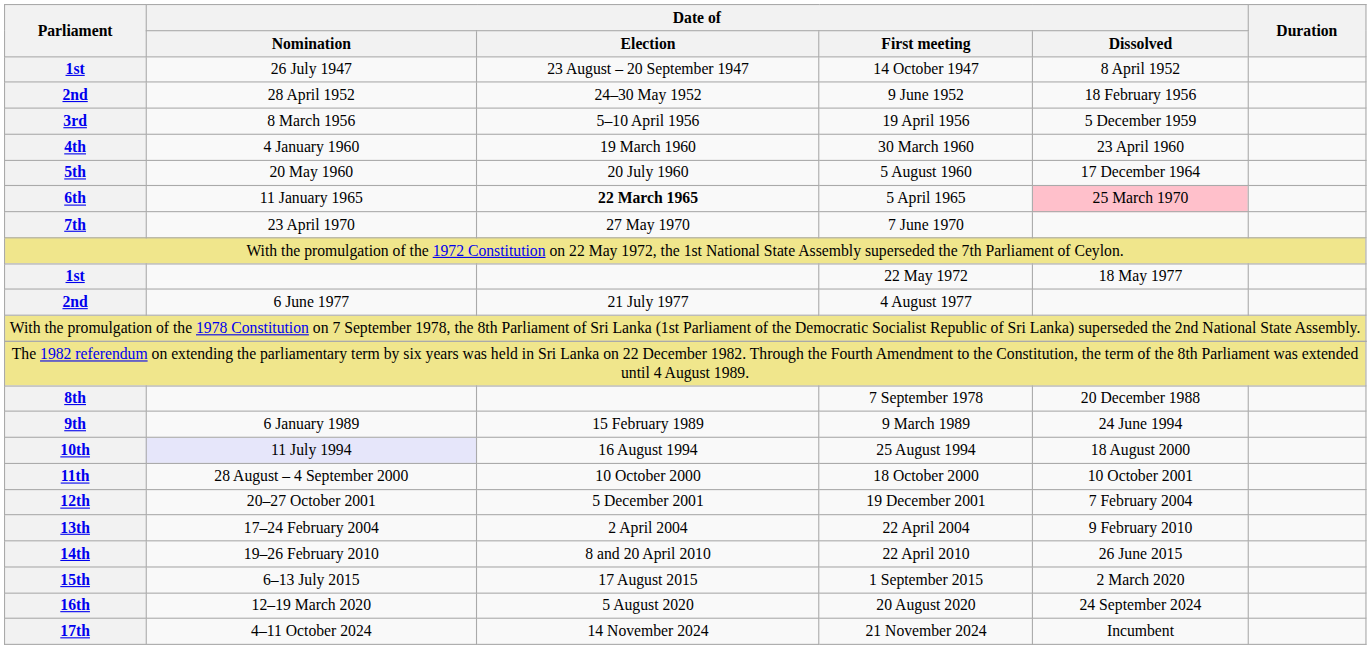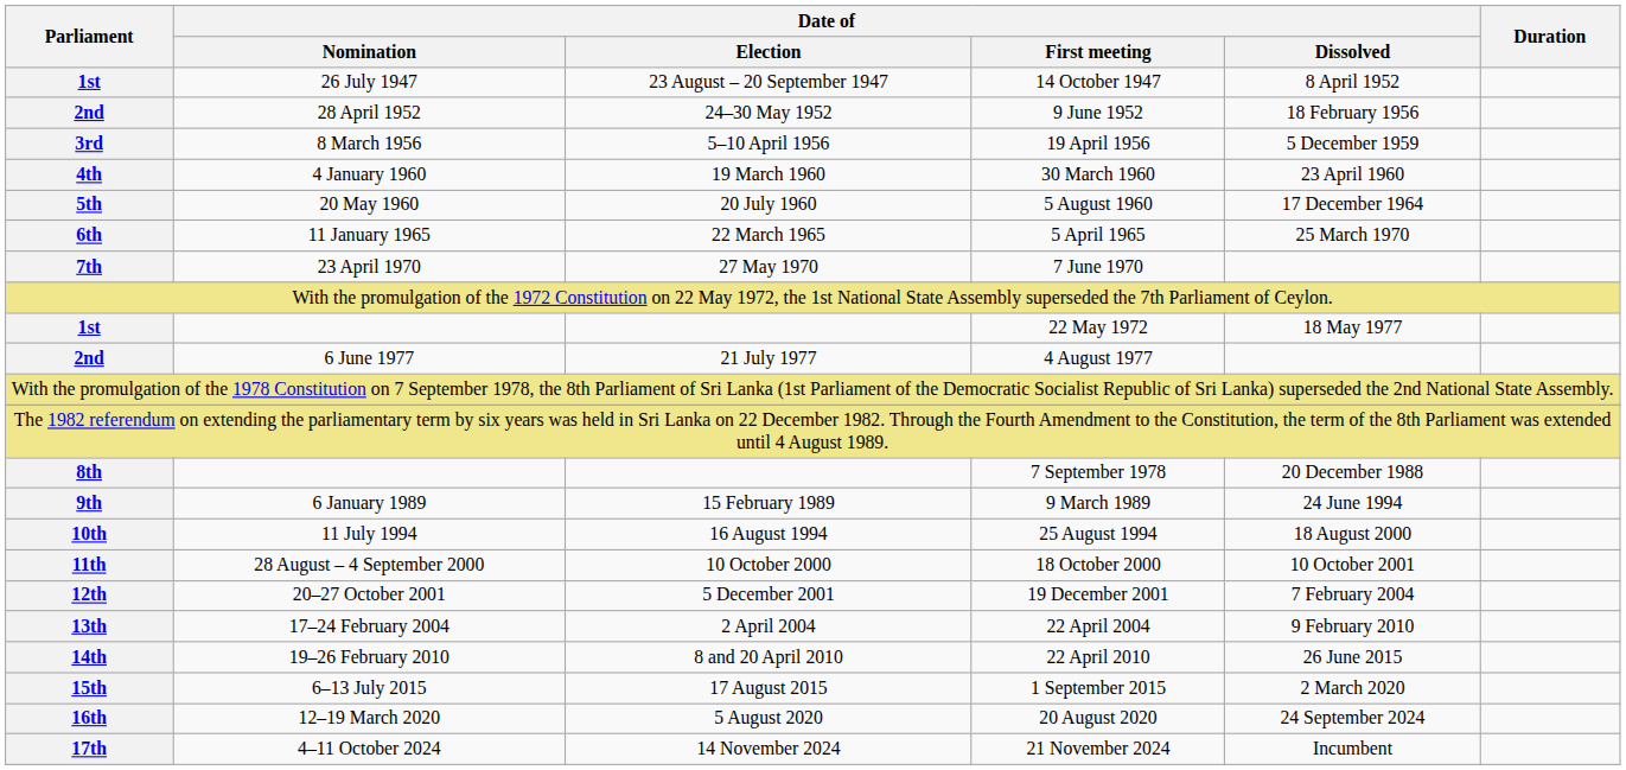 <table class="wikitable" style="font-size:90%; text-align:center">
 <tr>
 <th rowspan="2">Parliament</th>
 <th colspan="4">Date of</th>
 <th rowspan="2">Duration</th>
 </tr>
 <tr>
 <th rowspan="1">Nomination</th>
 <th rowspan="1">Election</th>
 <th rowspan="1">First meeting</th>
 <th rowspan="1">Dissolved</th>
 </tr>
 <tr>
 <th><a href='#'>1st</a></th>
 <td>26 July 1947</td>
 <td>23 August – 20 September 1947</td>
 <td>14 October 1947</td>
 <td>8 April 1952</td>
 <td></td>
 </tr>
 <tr>
 <th><a href='#'>2nd</a></th>
 <td>28 April 1952</td>
 <td>24–30 May 1952</td>
 <td>9 June 1952</td>
 <td>18 February 1956</td>
 <td></td>
 </tr>
 <tr>
 <th><a href='#'>3rd</a></th>
 <td>8 March 1956</td>
 <td>5–10 April 1956</td>
 <td>19 April 1956</td>
 <td>5 December 1959</td>
 <td></td>
 </tr>
 <tr>
 <th><a href='#'>4th</a></th>
 <td>4 January 1960</td>
 <td>19 March 1960</td>
 <td>30 March 1960</td>
 <td>23 April 1960</td>
 <td></td>
 </tr>
 <tr>
 <th><a href='#'>5th</a></th>
 <td>20 May 1960</td>
 <td>20 July 1960</td>
 <td>5 August 1960</td>
 <td>17 December 1964</td>
 <td></td>
 </tr>
 <tr>
 <th><a href='#'>6th</a></th>
 <td>11 January 1965</td>
-<td><strong>22 March 1965</strong></td>
+<td>22 March 1965</td>
 <td>5 April 1965</td>
-<td style="background: pink;">25 March 1970</td>
+<td>25 March 1970</td>
 <td></td>
 </tr>
 <tr>
 <th><a href='#'>7th</a></th>
 <td>23 April 1970</td>
 <td>27 May 1970</td>
 <td>7 June 1970</td>
 <td></td>
 <td></td>
 </tr>
 <tr style="background:#F0E68C;">
 <td colspan="6">With the promulgation of the <a href='#'>1972 Constitution</a> on 22 May 1972, the 1st National State Assembly superseded the 7th Parliament of Ceylon.</td>
 </tr>
 <tr>
 <th><a href='#'>1st</a></th>
 <td></td>
 <td></td>
 <td>22 May 1972</td>
 <td>18 May 1977</td>
 <td></td>
 </tr>
 <tr>
 <th><a href='#'>2nd</a></th>
 <td>6 June 1977</td>
 <td>21 July 1977</td>
 <td>4 August 1977</td>
 <td></td>
 <td></td>
 </tr>
 <tr style="background:#F0E68C;">
 <td colspan="6">With the promulgation of the <a href='#'>1978 Constitution</a> on 7 September 1978, the 8th Parliament of Sri Lanka (1st Parliament of the Democratic Socialist Republic of Sri Lanka) superseded the 2nd National State Assembly.</td>
 </tr>
 <tr>
 </tr>
 <tr style="background:#F0E68C;">
 <td colspan="6">The <a href='#'>1982 referendum</a> on extending the parliamentary term by six years was held in Sri Lanka on 22 December 1982. Through the Fourth Amendment to the Constitution, the term of the 8th Parliament was extended until 4 August 1989.</td>
 </tr>
 <tr>
 <th><a href='#'>8th</a></th>
 <td></td>
 <td></td>
 <td>7 September 1978</td>
 <td>20 December 1988</td>
 <td></td>
 </tr>
 <tr>
 <th><a href='#'>9th</a></th>
 <td>6 January 1989</td>
 <td>15 February 1989</td>
 <td>9 March 1989</td>
 <td>24 June 1994</td>
 <td></td>
 </tr>
 <tr>
 <th><a href='#'> 10th</a></th>
-<td style="background: lavender;">11 July 1994</td>
+<td>11 July 1994</td>
 <td>16 August 1994</td>
 <td>25 August 1994</td>
 <td>18 August 2000</td>
 <td></td>
 </tr>
 <tr>
 <th><a href='#'>11th</a></th>
 <td>28 August – 4 September 2000</td>
 <td>10 October 2000</td>
 <td>18 October 2000</td>
 <td>10 October 2001</td>
 <td></td>
 </tr>
 <tr>
 <th><a href='#'>12th</a></th>
 <td>20–27 October 2001</td>
 <td>5 December 2001</td>
 <td>19 December 2001</td>
 <td>7 February 2004</td>
 <td></td>
 </tr>
 <tr>
 <th><a href='#'>13th</a></th>
 <td>17–24 February 2004</td>
 <td>2 April 2004</td>
 <td>22 April 2004</td>
 <td>9 February 2010</td>
 <td></td>
 </tr>
 <tr>
 <th><a href='#'>14th</a></th>
 <td>19–26 February 2010</td>
 <td>8 and 20 April 2010</td>
 <td>22 April 2010</td>
 <td>26 June 2015</td>
 <td></td>
 </tr>
 <tr>
 <th><a href='#'>15th</a></th>
 <td>6–13 July 2015</td>
 <td>17 August 2015</td>
 <td>1 September 2015</td>
 <td>2 March 2020</td>
 <td></td>
 </tr>
 <tr>
 <th><a href='#'>16th</a></th>
 <td>12–19 March 2020</td>
 <td>5 August 2020</td>
 <td>20 August 2020</td>
 <td>24 September 2024</td>
 <td></td>
 </tr>
 <tr>
 <th><a href='#'>17th</a></th>
 <td>4–11 October 2024</td>
 <td>14 November 2024</td>
 <td>21 November 2024</td>
 <td>Incumbent</td>
 <td></td>
 </tr>
 </table>
